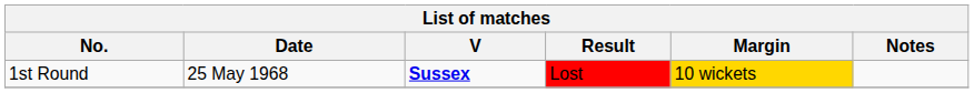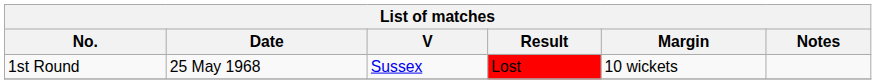 <table class="wikitable" width="70%">
 <tr>
 <th bgcolor="#efefef" colspan=6>List of  matches</th>
 </tr>
 <tr bgcolor="#efefef">
 <th>No.</th>
 <th>Date</th>
 <th>V</th>
 <th>Result</th>
 <th>Margin</th>
 <th>Notes</th>
 </tr>
 <tr>
 <td>1st Round</td>
 <td>25 May 1968</td>
-<td><strong><a href='#'>Sussex</a>  <br> </strong></td>
+<td><a href='#'>Sussex</a>  <br> </td>
 <td bgcolor="#FF0000">Lost</td>
-<td style="background: gold;">10 wickets</td>
+<td>10 wickets</td>
 <td></td>
 </tr>
 <tr>
 </tr>
 </table>
